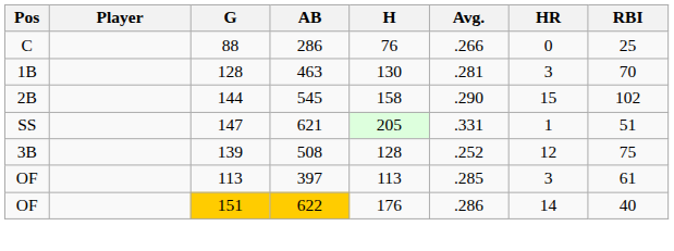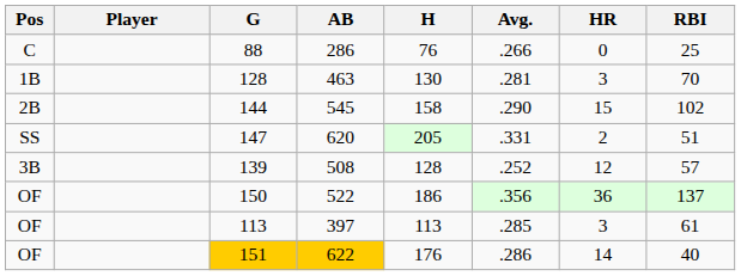 <table class="wikitable sortable">
 <tr>
 <th bgcolor="#DDDDFF" width="5%">Pos</th>
 <th bgcolor="#DDDDFF" width="16%">Player</th>
 <th bgcolor="#DDDDFF" width="9%">G</th>
 <th bgcolor="#DDDDFF" width="9%">AB</th>
 <th bgcolor="#DDDDFF" width="9%">H</th>
 <th bgcolor="#DDDDFF" width="9%">Avg.</th>
 <th bgcolor="#DDDDFF" width="9%">HR</th>
 <th bgcolor="#DDDDFF" width="9%">RBI</th>
 </tr>
 <tr align="center">
 <td>C</td>
 <td></td>
 <td>88</td>
 <td>286</td>
 <td>76</td>
 <td>.266</td>
 <td>0</td>
 <td>25</td>
 </tr>
 <tr align="center">
 <td>1B</td>
 <td></td>
 <td>128</td>
 <td>463</td>
 <td>130</td>
 <td>.281</td>
 <td>3</td>
 <td>70</td>
 </tr>
 <tr align="center">
 <td>2B</td>
 <td></td>
 <td>144</td>
 <td>545</td>
 <td>158</td>
 <td>.290</td>
 <td>15</td>
 <td>102</td>
 </tr>
 <tr align="center">
 <td>SS</td>
 <td></td>
 <td>147</td>
-<td>621</td>
+<td>620</td>
 <td style="background:#DDFFDD;">205</td>
 <td>.331</td>
-<td>1</td>
+<td>2</td>
 <td>51</td>
 </tr>
 <tr align="center">
 <td>3B</td>
 <td></td>
 <td>139</td>
 <td>508</td>
 <td>128</td>
 <td>.252</td>
 <td>12</td>
-<td>75</td>
+<td>57</td>
+</tr>
+<tr align="center">
+<td>OF</td>
+<td></td>
+<td>150</td>
+<td>522</td>
+<td>186</td>
+<td style="background:#DDFFDD;">.356</td>
+<td style="background:#DDFFDD;">36</td>
+<td style="background:#DDFFDD;">137</td>
 </tr>
 <tr align="center">
 <td>OF</td>
 <td></td>
 <td>113</td>
 <td>397</td>
 <td>113</td>
 <td>.285</td>
 <td>3</td>
 <td>61</td>
 </tr>
 <tr align="center">
 <td>OF</td>
 <td></td>
 <td style="background:#fc0;">151</td>
 <td style="background:#fc0;">622</td>
 <td>176</td>
 <td>.286</td>
 <td>14</td>
 <td>40</td>
 </tr>
 </table>
